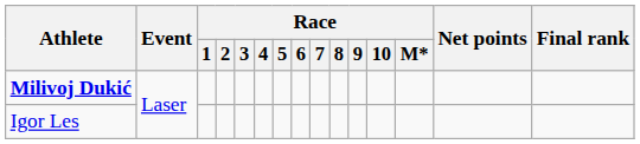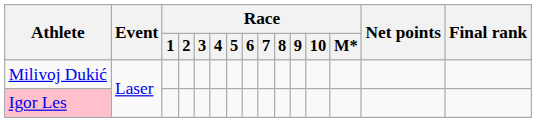 <table class="wikitable" style="font-size:90%">
 <tr>
 <th rowspan="2">Athlete</th>
 <th rowspan="2">Event</th>
 <th colspan=11>Race</th>
 <th rowspan=2>Net points</th>
 <th rowspan=2>Final rank</th>
 </tr>
 <tr style="font-size:95%">
 <th>1</th>
 <th>2</th>
 <th>3</th>
 <th>4</th>
 <th>5</th>
 <th>6</th>
 <th>7</th>
 <th>8</th>
 <th>9</th>
 <th>10</th>
 <th>M*</th>
 </tr>
 <tr align=center>
-<td align=left><strong><a href='#'>Milivoj Dukić</a></strong></td>
+<td align=left><a href='#'>Milivoj Dukić</a></td>
 <td align=left rowspan=2><a href='#'>Laser</a></td>
 <td></td>
 <td></td>
 <td></td>
 <td></td>
 <td></td>
 <td></td>
 <td></td>
 <td></td>
 <td></td>
 <td></td>
 <td></td>
 <td></td>
 <td></td>
 </tr>
 <tr align=center>
-<td align=left><a href='#'>Igor Les</a></td>
+<td align=left style="background: pink;"><a href='#'>Igor Les</a></td>
 <td></td>
 <td></td>
 <td></td>
 <td></td>
 <td></td>
 <td></td>
 <td></td>
 <td></td>
 <td></td>
 <td></td>
 <td></td>
 <td></td>
 <td></td>
 </tr>
 </table>
